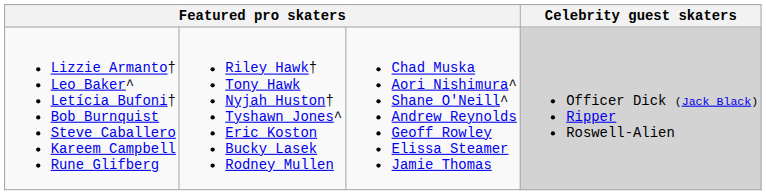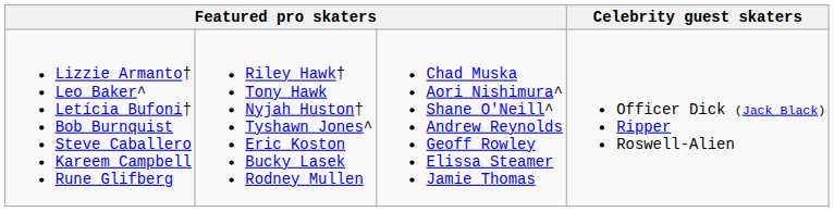 <table class="wikitable">
 <tr>
 <th colspan="3">Featured pro skaters</th>
 <th>Celebrity guest skaters</th>
 </tr>
 <tr>
 <td><br><ul><li><a href='#'>Lizzie Armanto</a>†</li><li><a href='#'>Leo Baker</a>^</li><li><a href='#'>Letícia Bufoni</a>†</li><li><a href='#'>Bob Burnquist</a></li><li><a href='#'>Steve Caballero</a></li><li><a href='#'>Kareem Campbell</a></li><li><a href='#'>Rune Glifberg</a></li></ul></td>
 <td><br><ul><li><a href='#'>Riley Hawk</a>†</li><li><a href='#'>Tony Hawk</a></li><li><a href='#'>Nyjah Huston</a>†</li><li><a href='#'>Tyshawn Jones</a>^</li><li><a href='#'>Eric Koston</a></li><li><a href='#'>Bucky Lasek</a></li><li><a href='#'>Rodney Mullen</a></li></ul></td>
 <td><br><ul><li><a href='#'>Chad Muska</a></li><li><a href='#'>Aori Nishimura</a>^</li><li><a href='#'>Shane O'Neill</a>^</li><li><a href='#'>Andrew Reynolds</a></li><li><a href='#'>Geoff Rowley</a></li><li><a href='#'>Elissa Steamer</a></li><li><a href='#'>Jamie Thomas</a></li></ul></td>
-<td style="background: lightgrey;"><br><ul><li>Officer Dick <small>(<a href='#'>Jack Black</a>)</small></li><li><a href='#'>Ripper</a></li><li>Roswell-Alien</li></ul></td>
+<td><br><ul><li>Officer Dick <small>(<a href='#'>Jack Black</a>)</small></li><li><a href='#'>Ripper</a></li><li>Roswell-Alien</li></ul></td>
 </tr>
 </table>
